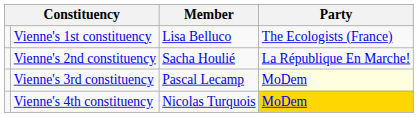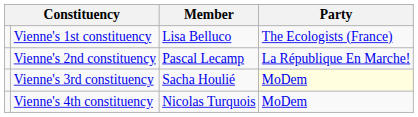 <table class="wikitable">
 <tr>
 <th colspan="2">Constituency</th>
 <th>Member</th>
 <th>Party</th>
 </tr>
 <tr>
 <td style="background-color: "></td>
 <td><a href='#'>Vienne's 1st constituency</a></td>
 <td><a href='#'>Lisa Belluco</a></td>
 <td><a href='#'>The Ecologists (France)</a></td>
 </tr>
 <tr>
 <td style="background-color: "></td>
 <td><a href='#'>Vienne's 2nd constituency</a></td>
-<td><a href='#'>Sacha Houlié</a></td>
+<td><a href='#'>Pascal Lecamp</a></td>
 <td><a href='#'>La République En Marche!</a></td>
 </tr>
 <tr>
 <td style="background-color: "></td>
 <td><a href='#'>Vienne's 3rd constituency</a></td>
-<td><a href='#'>Pascal Lecamp</a></td>
+<td><a href='#'>Sacha Houlié</a></td>
 <td style="background: lightyellow;"><a href='#'>MoDem</a></td>
 </tr>
 <tr>
 <td style="background-color: "></td>
 <td><a href='#'>Vienne's 4th constituency</a></td>
 <td><a href='#'>Nicolas Turquois</a></td>
-<td style="background: gold;"><a href='#'>MoDem</a></td>
+<td><a href='#'>MoDem</a></td>
 </tr>
 </table>
